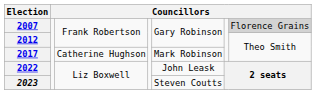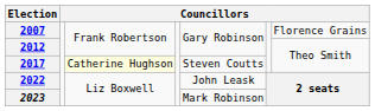 <table class="wikitable" style="text-align:center">
 <tr>
 <th>Election</th>
 <th colspan=8>Councillors</th>
 </tr>
 <tr>
 <th><a href='#'>2007</a></th>
 <td rowspan=5; style="background-color: "></td>
 <td rowspan=2>Frank Robertson</td>
 <td rowspan=5; style="background-color: "></td>
 <td rowspan=2>Gary Robinson</td>
 <td rowspan=3; style="background-color: "></td>
-<td rowspan=1 style="background: lightgrey;">Florence Grains</td>
+<td rowspan=1>Florence Grains</td>
 </tr>
 <tr>
 <th><a href='#'>2012</a></th>
 <td rowspan=2>Theo Smith</td>
 </tr>
 <tr>
 <th><a href='#'>2017</a></th>
-<td rowspan=1>Catherine Hughson</td>
-<td>Mark Robinson</td>
+<td rowspan=1 style="background: lightyellow;">Catherine Hughson</td>
+<td rowspan=1>Steven Coutts</td>
 </tr>
 <tr>
 <th><a href='#'>2022</a></th>
 <td rowspan=2>Liz Boxwell</td>
 <td rowspan=1>John Leask</td>
 <th rowspan=2; colspan=2>2 seats</th>
 </tr>
 <tr>
 <th><em>2023</em></th>
-<td rowspan=1>Steven Coutts</td>
+<td>Mark Robinson</td>
 </tr>
 </table>
